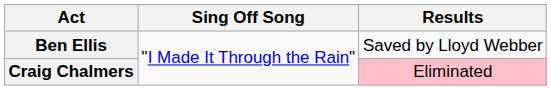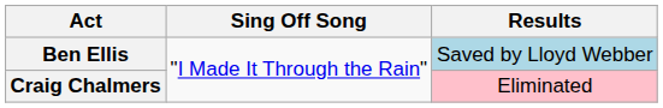 <table class="wikitable plainrowheaders" style="text-align:center;">
 <tr>
 <th scope="col">Act</th>
 <th scope="col">Sing Off Song</th>
 <th scope="col">Results</th>
 </tr>
 <tr>
 <th scope="row">Ben Ellis</th>
 <td rowspan="2">"<a href='#'>I Made It Through the Rain</a>"</td>
-<td>Saved by Lloyd Webber</td>
+<td style="background: lightblue;">Saved by Lloyd Webber</td>
 </tr>
 <tr>
 <th scope="row">Craig Chalmers</th>
 <td style="background:pink;">Eliminated</td>
 </tr>
 </table>
